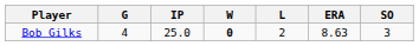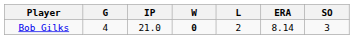 <table class="wikitable sortable">
 <tr>
 <th bgcolor="#DDDDFF" width="16%">Player</th>
 <th bgcolor="#DDDDFF" width="9%">G</th>
 <th bgcolor="#DDDDFF" width="9%">IP</th>
 <th bgcolor="#DDDDFF" width="9%">W</th>
 <th bgcolor="#DDDDFF" width="9%">L</th>
 <th bgcolor="#DDDDFF" width="9%">ERA</th>
 <th bgcolor="#DDDDFF" width="9%">SO</th>
 </tr>
 <tr align="center">
 <td><a href='#'>Bob Gilks</a></td>
 <td>4</td>
-<td>25.0</td>
+<td>21.0</td>
 <td><strong>0</strong></td>
 <td>2</td>
-<td>8.63</td>
+<td>8.14</td>
 <td>3</td>
 </tr>
 </table>
